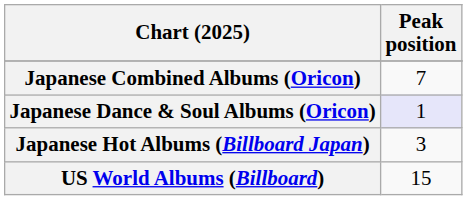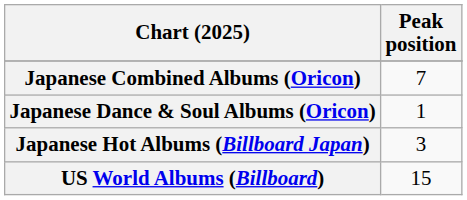 <table class="wikitable sortable plainrowheaders" style="text-align:center">
 <tr>
 <th scope="col">Chart (2025)</th>
 <th scope="col">Peak<br>position</th>
 </tr>
 <tr>
 </tr>
 <tr>
 <th scope="row">Japanese Combined Albums (<a href='#'>Oricon</a>)</th>
 <td>7</td>
 </tr>
 <tr>
 <th scope="row">Japanese Dance & Soul Albums (<a href='#'>Oricon</a>)</th>
-<td style="background: lavender;">1</td>
+<td>1</td>
 </tr>
 <tr>
 <th scope="row">Japanese Hot Albums (<em><a href='#'>Billboard Japan</a></em>)</th>
 <td>3</td>
 </tr>
 <tr>
 <th scope="row">US <a href='#'>World Albums</a> (<em><a href='#'>Billboard</a></em>)</th>
 <td>15</td>
 </tr>
 </table>
